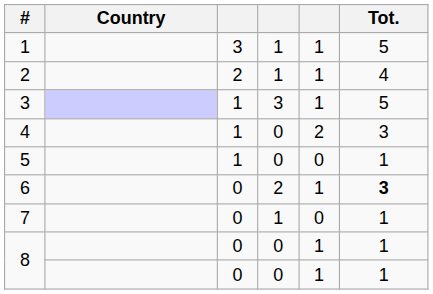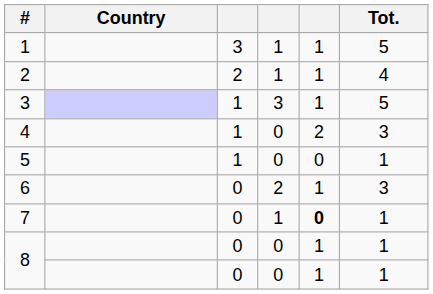 <table class="wikitable" width=30% style="font-size:100%; text-align:center;">
 <tr>
 <th>#</th>
 <th>Country</th>
 <th></th>
 <th></th>
 <th></th>
 <th>Tot.</th>
 </tr>
 <tr>
 <td>1</td>
 <td align=left></td>
 <td>3</td>
 <td>1</td>
 <td>1</td>
 <td>5</td>
 </tr>
 <tr>
 <td>2</td>
 <td align=left></td>
 <td>2</td>
 <td>1</td>
 <td>1</td>
 <td>4</td>
 </tr>
 <tr>
 <td>3</td>
 <td bgcolor=ccccff align=left></td>
 <td>1</td>
 <td>3</td>
 <td>1</td>
 <td>5</td>
 </tr>
 <tr>
 <td>4</td>
 <td align=left></td>
 <td>1</td>
 <td>0</td>
 <td>2</td>
 <td>3</td>
 </tr>
 <tr>
 <td>5</td>
 <td align=left></td>
 <td>1</td>
 <td>0</td>
 <td>0</td>
 <td>1</td>
 </tr>
 <tr>
 <td>6</td>
 <td align=left></td>
 <td>0</td>
 <td>2</td>
 <td>1</td>
-<td><strong>3</strong></td>
+<td>3</td>
 </tr>
 <tr>
 <td>7</td>
 <td align=left></td>
 <td>0</td>
 <td>1</td>
-<td>0</td>
+<td><strong>0</strong></td>
 <td>1</td>
 </tr>
 <tr>
 <td rowspan=2>8</td>
 <td align=left></td>
 <td>0</td>
 <td>0</td>
 <td>1</td>
 <td>1</td>
 </tr>
 <tr>
 <td align=left></td>
 <td>0</td>
 <td>0</td>
 <td>1</td>
 <td>1</td>
 </tr>
 </table>
